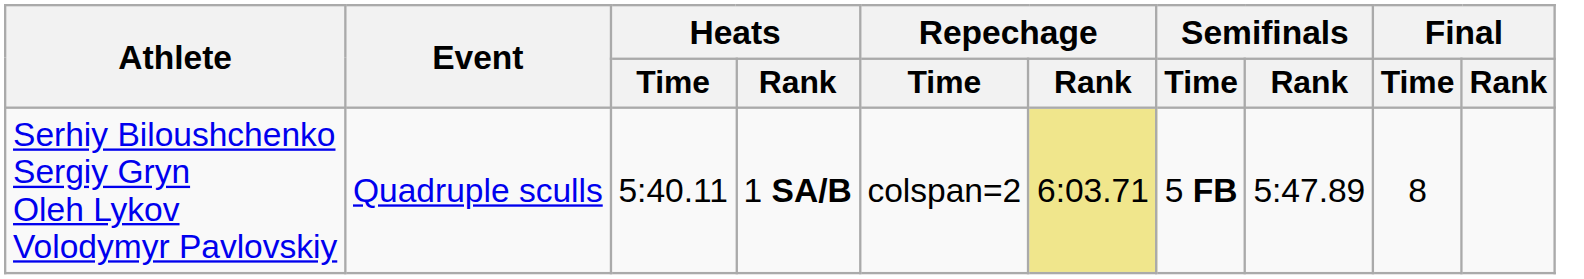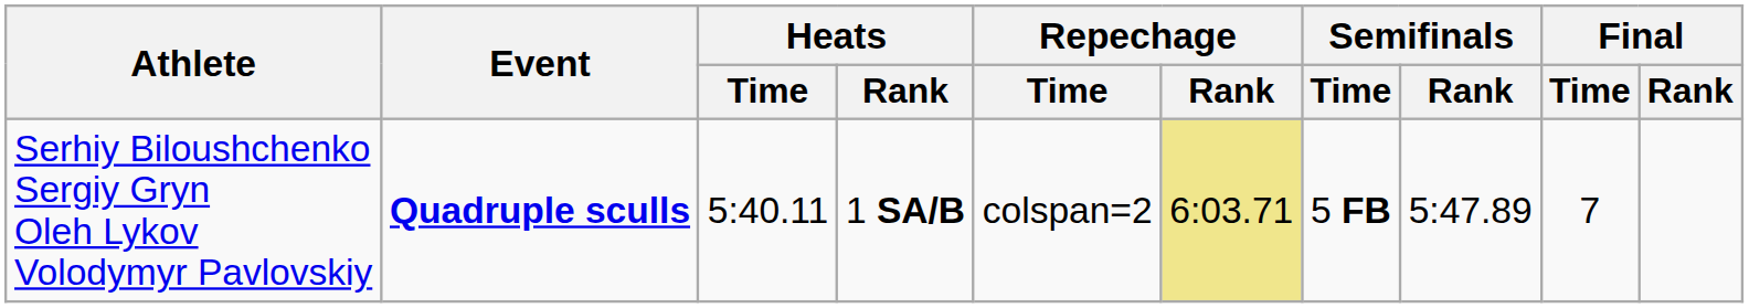 <table class="wikitable" style="font-size:90%">
 <tr>
 <th rowspan="2">Athlete</th>
 <th rowspan="2">Event</th>
 <th colspan="2">Heats</th>
 <th colspan="2">Repechage</th>
 <th colspan="2">Semifinals</th>
 <th colspan="2">Final</th>
 </tr>
 <tr style="font-size:95%">
 <th>Time</th>
 <th>Rank</th>
 <th>Time</th>
 <th>Rank</th>
 <th>Time</th>
 <th>Rank</th>
 <th>Time</th>
 <th>Rank</th>
 </tr>
 <tr align=center>
 <td align=left><a href='#'>Serhiy Biloushchenko</a><br><a href='#'>Sergiy Gryn</a><br><a href='#'>Oleh Lykov</a><br><a href='#'>Volodymyr Pavlovskiy</a></td>
-<td align=left><a href='#'>Quadruple sculls</a></td>
+<td align=left><strong><a href='#'>Quadruple sculls</a></strong></td>
 <td>5:40.11</td>
 <td>1 <strong>SA/B</strong></td>
 <td>colspan=2 </td>
 <td style="background: khaki;">6:03.71</td>
 <td>5 <strong>FB</strong></td>
 <td>5:47.89</td>
-<td>8</td>
+<td>7</td>
 </tr>
 </table>
